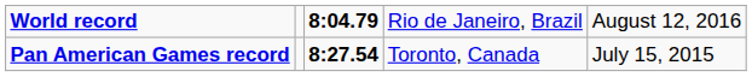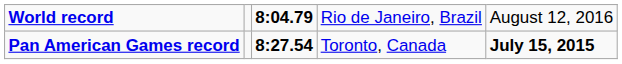 <table class="wikitable">
 <tr>
 <td><strong><a href='#'>World record</a></strong></td>
 <td></td>
 <td><strong>8:04.79</strong></td>
 <td><a href='#'>Rio de Janeiro</a>, <a href='#'>Brazil</a></td>
 <td>August 12, 2016</td>
 </tr>
 <tr>
 <td><strong><a href='#'>Pan American Games record</a></strong></td>
 <td></td>
 <td><strong>8:27.54</strong></td>
 <td><a href='#'>Toronto</a>, <a href='#'>Canada</a></td>
-<td>July 15, 2015</td>
+<td><strong>July 15, 2015</strong></td>
 </tr>
 </table>
